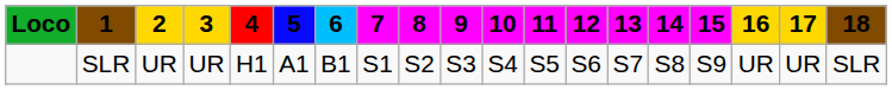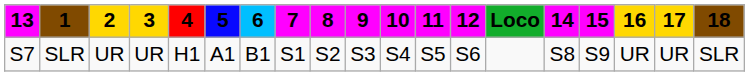 <table class="wikitable plainrowheaders unsortable" style="text-align:center">
 <tr>
-<th scope="col" style="background:#12ad2b;"><span>Loco</span></th>
+<th scope="col" style="background:#ff00ff;"><span>13</span></th>
 <th scope="col" style="background:#804a00;"><span>1</span></th>
 <th scope="col" style="background:#ffd801;"><span>2</span></th>
 <th scope="col" style="background:#ffd801;"><span>3</span></th>
 <th scope="col" style="background:#ff0000;"><span>4</span></th>
 <th scope="col" style="background:#0909ff;"><span>5</span></th>
 <th scope="col" style="background:#00bfff;"><span>6</span></th>
 <th scope="col" style="background:#ff00ff;"><span>7</span></th>
 <th scope="col" style="background:#ff00ff;"><span>8</span></th>
 <th scope="col" style="background:#ff00ff;"><span>9</span></th>
 <th scope="col" style="background:#ff00ff;"><span>10</span></th>
 <th scope="col" style="background:#ff00ff;"><span>11</span></th>
 <th scope="col" style="background:#ff00ff;"><span>12</span></th>
-<th scope="col" style="background:#ff00ff;"><span>13</span></th>
+<th scope="col" style="background:#12ad2b;"><span>Loco</span></th>
 <th scope="col" style="background:#ff00ff;"><span>14</span></th>
 <th scope="col" style="background:#ff00ff;"><span>15</span></th>
 <th scope="col" style="background:#ffd801;"><span>16</span></th>
 <th scope="col" style="background:#ffd801;"><span>17</span></th>
 <th scope="col" style="background:#804a00;"><span>18</span></th>
 </tr>
 <tr>
-<td></td>
+<td>S7</td>
 <td>SLR</td>
 <td>UR</td>
 <td>UR</td>
 <td>H1</td>
 <td>A1</td>
 <td>B1</td>
 <td>S1</td>
 <td>S2</td>
 <td>S3</td>
 <td>S4</td>
 <td>S5</td>
 <td>S6</td>
-<td>S7</td>
+<td></td>
 <td>S8</td>
 <td>S9</td>
 <td>UR</td>
 <td>UR</td>
 <td>SLR</td>
 </tr>
 </table>
